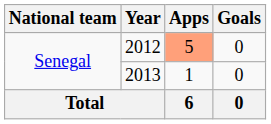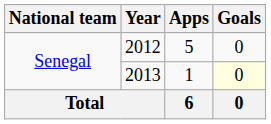 <table class="wikitable" style="text-align: center;">
 <tr>
 <th>National team</th>
 <th>Year</th>
 <th>Apps</th>
 <th>Goals</th>
 </tr>
 <tr>
 <td rowspan="2"><a href='#'>Senegal</a></td>
 <td>2012</td>
-<td style="background: lightsalmon;">5</td>
+<td>5</td>
 <td>0</td>
 </tr>
 <tr>
 <td>2013</td>
 <td>1</td>
-<td>0</td>
+<td style="background: lightyellow;">0</td>
 </tr>
 <tr>
 <th colspan="2">Total</th>
 <th>6</th>
 <th>0</th>
 </tr>
 </table>
